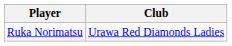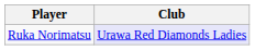 <table class="wikitable">
 <tr>
 <th>Player</th>
 <th>Club</th>
 </tr>
 <tr>
 <td> <a href='#'>Ruka Norimatsu</a></td>
-<td><a href='#'>Urawa Red Diamonds Ladies</a></td>
+<td style="background: lavender;"><a href='#'>Urawa Red Diamonds Ladies</a></td>
 </tr>
 </table>
